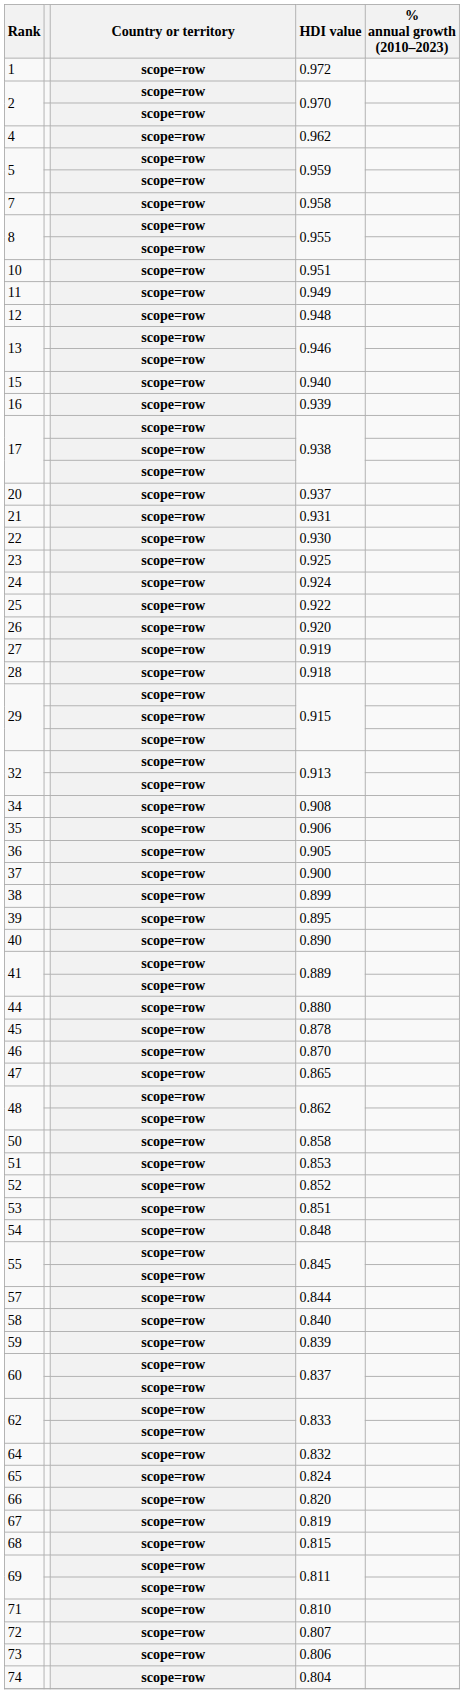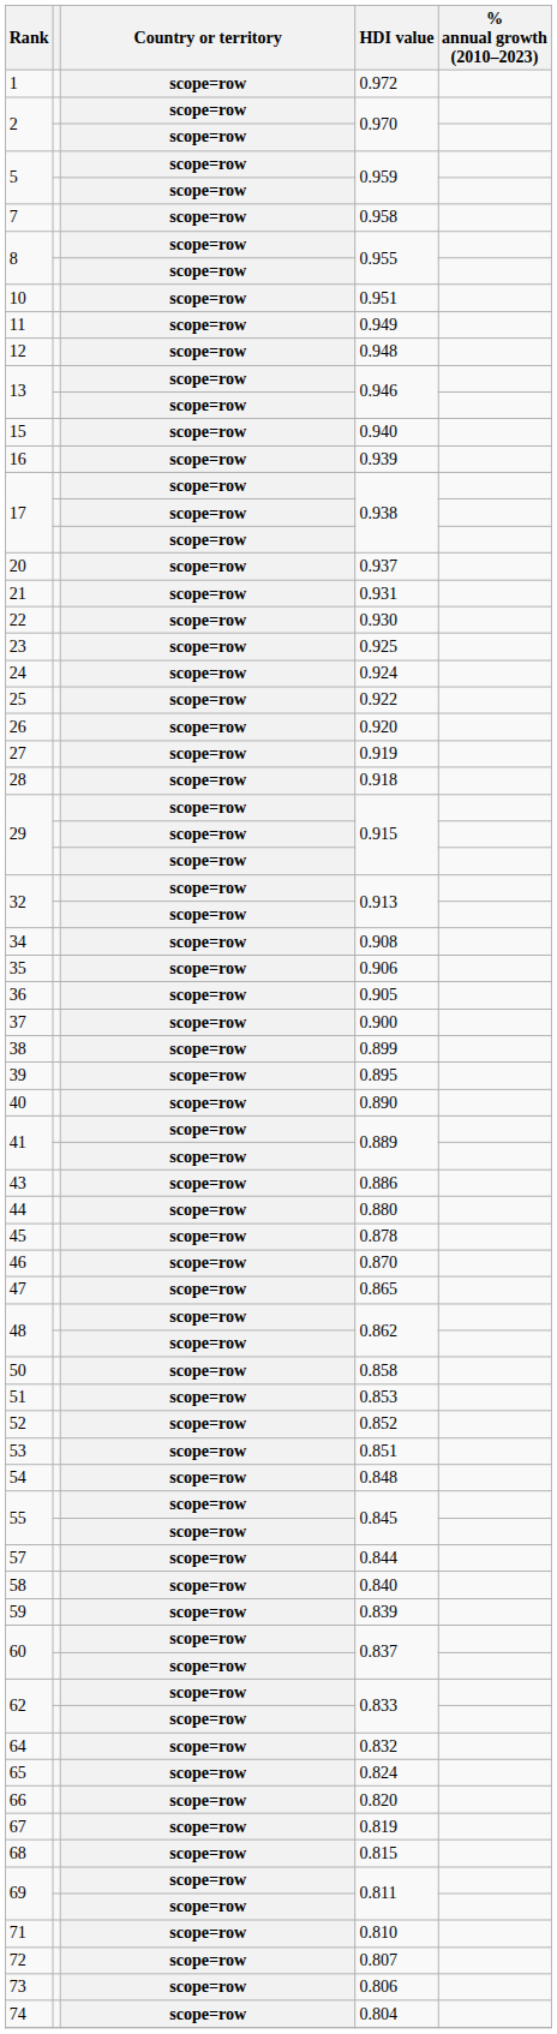 <table class="wikitable plainrowheaders sortable sticky-header sort-under" >
 <tr>
 <th scope=col>Rank</th>
 <th scope=col data-sort-type="number"></th>
 <th scope=col style="width:17em;">Country or territory</th>
 <th scope=col>HDI value</th>
 <th scope=col data-sort-type="number">%<br>annual growth<br>(2010–2023)</th>
 </tr>
 <tr>
 <td>1</td>
 <td></td>
 <th>scope=row  </th>
 <td>0.972</td>
 <td></td>
 </tr>
 <tr>
 <td rowspan="2">2</td>
 <td></td>
 <th>scope=row  </th>
 <td rowspan="2">0.970</td>
 <td></td>
 </tr>
 <tr>
 <td></td>
 <th>scope=row  </th>
-<td></td>
-</tr>
-<tr>
-<td>4</td>
-<td></td>
-<th>scope=row  </th>
-<td>0.962</td>
 <td></td>
 </tr>
 <tr>
 <td rowspan="2">5</td>
 <td></td>
 <th>scope=row  </th>
 <td rowspan="2">0.959</td>
 <td></td>
 </tr>
 <tr>
 <td></td>
 <th>scope=row  </th>
 <td></td>
 </tr>
 <tr>
 <td>7</td>
 <td></td>
 <th>scope=row  </th>
 <td>0.958</td>
 <td></td>
 </tr>
 <tr>
 <td rowspan="2">8</td>
 <td></td>
 <th>scope=row  </th>
 <td rowspan="2">0.955</td>
 <td></td>
 </tr>
 <tr>
 <td></td>
 <th>scope=row  </th>
 <td></td>
 </tr>
 <tr>
 <td>10</td>
 <td></td>
 <th>scope=row  </th>
 <td>0.951</td>
 <td></td>
 </tr>
 <tr>
 <td>11</td>
 <td></td>
 <th>scope=row  </th>
 <td>0.949</td>
 <td></td>
 </tr>
 <tr>
 <td>12</td>
 <td></td>
 <th>scope=row  </th>
 <td>0.948</td>
 <td></td>
 </tr>
 <tr>
 <td rowspan="2">13</td>
 <td></td>
 <th>scope=row  </th>
 <td rowspan="2">0.946</td>
 <td></td>
 </tr>
 <tr>
 <td></td>
 <th>scope=row  </th>
 <td></td>
 </tr>
 <tr>
 <td>15</td>
 <td></td>
 <th>scope=row  </th>
 <td>0.940</td>
 <td></td>
 </tr>
 <tr>
 <td>16</td>
 <td></td>
 <th>scope=row  </th>
 <td>0.939</td>
 <td></td>
 </tr>
 <tr>
 <td rowspan="3">17</td>
 <td></td>
 <th>scope=row  </th>
 <td rowspan="3">0.938</td>
 <td></td>
 </tr>
 <tr>
 <td></td>
 <th>scope=row  </th>
 <td></td>
 </tr>
 <tr>
 <td></td>
 <th>scope=row  </th>
 <td></td>
 </tr>
 <tr>
 <td>20</td>
 <td></td>
 <th>scope=row  </th>
 <td>0.937</td>
 <td></td>
 </tr>
 <tr>
 <td>21</td>
 <td></td>
 <th>scope=row  </th>
 <td>0.931</td>
 <td></td>
 </tr>
 <tr>
 <td>22</td>
 <td></td>
 <th>scope=row  </th>
 <td>0.930</td>
 <td></td>
 </tr>
 <tr>
 <td>23</td>
 <td></td>
 <th>scope=row  </th>
 <td>0.925</td>
 <td></td>
 </tr>
 <tr>
 <td>24</td>
 <td></td>
 <th>scope=row  </th>
 <td>0.924</td>
 <td></td>
 </tr>
 <tr>
 <td>25</td>
 <td></td>
 <th>scope=row  </th>
 <td>0.922</td>
 <td></td>
 </tr>
 <tr>
 <td>26</td>
 <td></td>
 <th>scope=row  </th>
 <td>0.920</td>
 <td></td>
 </tr>
 <tr>
 <td>27</td>
 <td></td>
 <th>scope=row  </th>
 <td>0.919</td>
 <td></td>
 </tr>
 <tr>
 <td>28</td>
 <td></td>
 <th>scope=row  </th>
 <td>0.918</td>
 <td></td>
 </tr>
 <tr>
 <td rowspan="3">29</td>
 <td></td>
 <th>scope=row  </th>
 <td rowspan="3">0.915</td>
 <td></td>
 </tr>
 <tr>
 <td></td>
 <th>scope=row  </th>
 <td></td>
 </tr>
 <tr>
 <td></td>
 <th>scope=row  </th>
 <td></td>
 </tr>
 <tr>
 <td rowspan="2">32</td>
 <td></td>
 <th>scope=row  </th>
 <td rowspan="2">0.913</td>
 <td></td>
 </tr>
 <tr>
 <td></td>
 <th>scope=row  </th>
 <td></td>
 </tr>
 <tr>
 <td>34</td>
 <td></td>
 <th>scope=row  </th>
 <td>0.908</td>
 <td></td>
 </tr>
 <tr>
 <td>35</td>
 <td></td>
 <th>scope=row  </th>
 <td>0.906</td>
 <td></td>
 </tr>
 <tr>
 <td>36</td>
 <td></td>
 <th>scope=row  </th>
 <td>0.905</td>
 <td></td>
 </tr>
 <tr>
 <td>37</td>
 <td></td>
 <th>scope=row  </th>
 <td>0.900</td>
 <td></td>
 </tr>
 <tr>
 <td>38</td>
 <td></td>
 <th>scope=row  </th>
 <td>0.899</td>
 <td></td>
 </tr>
 <tr>
 <td>39</td>
 <td></td>
 <th>scope=row  </th>
 <td>0.895</td>
 <td></td>
 </tr>
 <tr>
 <td>40</td>
 <td></td>
 <th>scope=row  </th>
 <td>0.890</td>
 <td></td>
 </tr>
 <tr>
 <td rowspan="2">41</td>
 <td></td>
 <th>scope=row  </th>
 <td rowspan="2">0.889</td>
 <td></td>
 </tr>
 <tr>
 <td></td>
 <th>scope=row  </th>
 <td></td>
 </tr>
 <tr>
+<td>43</td>
+<td></td>
+<th>scope=row  </th>
+<td>0.886</td>
+<td></td>
+</tr>
+<tr>
 <td>44</td>
 <td></td>
 <th>scope=row  </th>
 <td>0.880</td>
 <td></td>
 </tr>
 <tr>
 <td>45</td>
 <td></td>
 <th>scope=row  </th>
 <td>0.878</td>
 <td></td>
 </tr>
 <tr>
 <td>46</td>
 <td></td>
 <th>scope=row  </th>
 <td>0.870</td>
 <td></td>
 </tr>
 <tr>
 <td>47</td>
 <td></td>
 <th>scope=row  </th>
 <td>0.865</td>
 <td></td>
 </tr>
 <tr>
 <td rowspan="2">48</td>
 <td></td>
 <th>scope=row  </th>
 <td rowspan="2">0.862</td>
 <td></td>
 </tr>
 <tr>
 <td></td>
 <th>scope=row  </th>
 <td></td>
 </tr>
 <tr>
 <td>50</td>
 <td></td>
 <th>scope=row  </th>
 <td>0.858</td>
 <td></td>
 </tr>
 <tr>
 <td>51</td>
 <td></td>
 <th>scope=row  </th>
 <td>0.853</td>
 <td></td>
 </tr>
 <tr>
 <td>52</td>
 <td></td>
 <th>scope=row  </th>
 <td>0.852</td>
 <td></td>
 </tr>
 <tr>
 <td>53</td>
 <td></td>
 <th>scope=row  </th>
 <td>0.851</td>
 <td></td>
 </tr>
 <tr>
 <td>54</td>
 <td></td>
 <th>scope=row  </th>
 <td>0.848</td>
 <td></td>
 </tr>
 <tr>
 <td rowspan="2">55</td>
 <td></td>
 <th>scope=row  </th>
 <td rowspan="2">0.845</td>
 <td></td>
 </tr>
 <tr>
 <td></td>
 <th>scope=row  </th>
 <td></td>
 </tr>
 <tr>
 <td>57</td>
 <td></td>
 <th>scope=row  </th>
 <td>0.844</td>
 <td></td>
 </tr>
 <tr>
 <td>58</td>
 <td></td>
 <th>scope=row  </th>
 <td>0.840</td>
 <td></td>
 </tr>
 <tr>
 <td>59</td>
 <td></td>
 <th>scope=row  </th>
 <td>0.839</td>
 <td></td>
 </tr>
 <tr>
 <td rowspan="2">60</td>
 <td></td>
 <th>scope=row  </th>
 <td rowspan="2">0.837</td>
 <td></td>
 </tr>
 <tr>
 <td></td>
 <th>scope=row  </th>
 <td></td>
 </tr>
 <tr>
 <td rowspan="2">62</td>
 <td></td>
 <th>scope=row  </th>
 <td rowspan="2">0.833</td>
 <td></td>
 </tr>
 <tr>
 <td></td>
 <th>scope=row  </th>
 <td></td>
 </tr>
 <tr>
 <td>64</td>
 <td></td>
 <th>scope=row  </th>
 <td>0.832</td>
 <td></td>
 </tr>
 <tr>
 <td>65</td>
 <td></td>
 <th>scope=row  </th>
 <td>0.824</td>
 <td></td>
 </tr>
 <tr>
 <td>66</td>
 <td></td>
 <th>scope=row  </th>
 <td>0.820</td>
 <td></td>
 </tr>
 <tr>
 <td>67</td>
 <td></td>
 <th>scope=row  </th>
 <td>0.819</td>
 <td></td>
 </tr>
 <tr>
 <td>68</td>
 <td></td>
 <th>scope=row  </th>
 <td>0.815</td>
 <td></td>
 </tr>
 <tr>
 <td rowspan="2">69</td>
 <td></td>
 <th>scope=row  </th>
 <td rowspan="2">0.811</td>
 <td></td>
 </tr>
 <tr>
 <td></td>
 <th>scope=row  </th>
 <td></td>
 </tr>
 <tr>
 <td>71</td>
 <td></td>
 <th>scope=row  </th>
 <td>0.810</td>
 <td></td>
 </tr>
 <tr>
 <td>72</td>
 <td></td>
 <th>scope=row  </th>
 <td>0.807</td>
 <td></td>
 </tr>
 <tr>
 <td>73</td>
 <td></td>
 <th>scope=row  </th>
 <td>0.806</td>
 <td></td>
 </tr>
 <tr>
 <td>74</td>
 <td></td>
 <th>scope=row  </th>
 <td>0.804</td>
 <td></td>
 </tr>
 <tr>
 </tr>
 </table>
